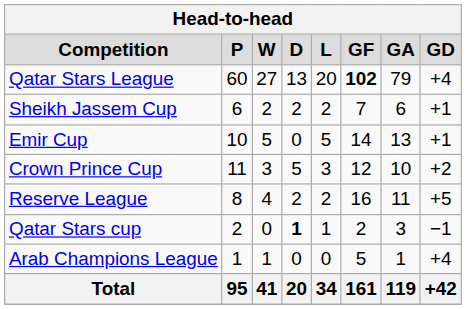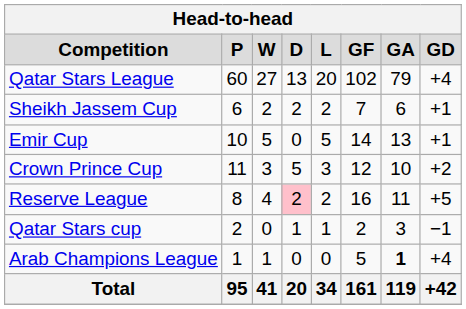 <table class="wikitable sortable" style="text-align:center">
 <tr>
 <th colspan=10>Head-to-head</th>
 </tr>
 <tr>
 <th style="background:#DCDCDC">Competition</th>
 <th style="background:#DCDCDC">P</th>
 <th style="background:#DCDCDC">W</th>
 <th style="background:#DCDCDC">D</th>
 <th style="background:#DCDCDC">L</th>
 <th style="background:#DCDCDC">GF</th>
 <th style="background:#DCDCDC">GA</th>
 <th style="background:#DCDCDC">GD</th>
 </tr>
 <tr>
 <td align=left><a href='#'>Qatar Stars League</a></td>
 <td>60</td>
 <td>27</td>
 <td>13</td>
 <td>20</td>
-<td><strong>102</strong></td>
+<td>102</td>
 <td>79</td>
 <td>+4</td>
 </tr>
 <tr>
 <td align=left><a href='#'>Sheikh Jassem Cup</a></td>
 <td>6</td>
 <td>2</td>
 <td>2</td>
 <td>2</td>
 <td>7</td>
 <td>6</td>
 <td>+1</td>
 </tr>
 <tr>
 <td align=left><a href='#'>Emir Cup</a></td>
 <td>10</td>
 <td>5</td>
 <td>0</td>
 <td>5</td>
 <td>14</td>
 <td>13</td>
 <td>+1</td>
 </tr>
 <tr>
 <td align=left><a href='#'>Crown Prince Cup</a></td>
 <td>11</td>
 <td>3</td>
 <td>5</td>
 <td>3</td>
 <td>12</td>
 <td>10</td>
 <td>+2</td>
 </tr>
 <tr>
 <td align=left><a href='#'>Reserve League</a></td>
 <td>8</td>
 <td>4</td>
-<td>2</td>
+<td style="background: pink;">2</td>
 <td>2</td>
 <td>16</td>
 <td>11</td>
 <td>+5</td>
 </tr>
 <tr>
 <td align=left><a href='#'>Qatar Stars cup</a></td>
 <td>2</td>
 <td>0</td>
-<td><strong>1</strong></td>
+<td>1</td>
 <td>1</td>
 <td>2</td>
 <td>3</td>
 <td>−1</td>
 </tr>
 <tr>
 <td align=left><a href='#'>Arab Champions League</a></td>
 <td>1</td>
 <td>1</td>
 <td>0</td>
 <td>0</td>
 <td>5</td>
-<td>1</td>
+<td><strong>1</strong></td>
 <td>+4</td>
 </tr>
 <tr>
 <th colspan="1">Total</th>
 <th>95</th>
 <th>41</th>
 <th>20</th>
 <th>34</th>
 <th>161</th>
 <th>119</th>
 <th>+42</th>
 </tr>
 <tr>
 </tr>
 </table>
